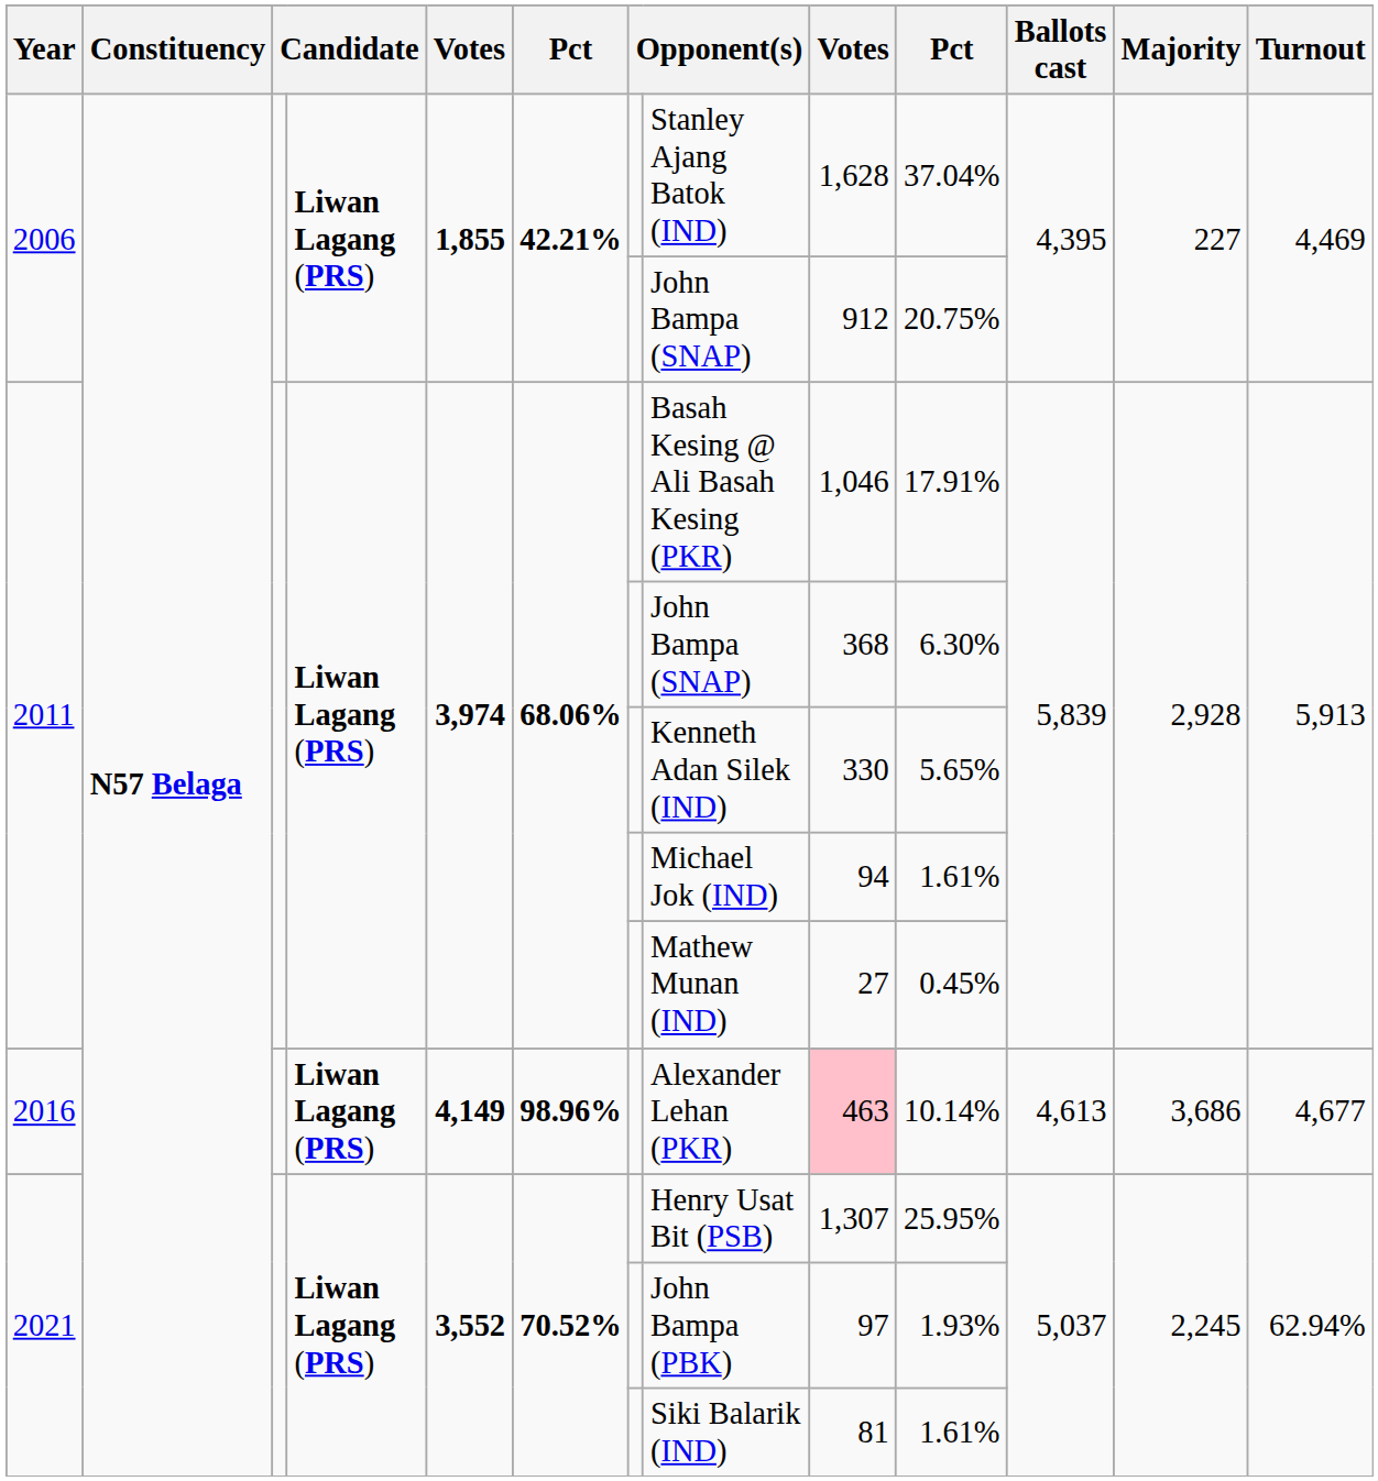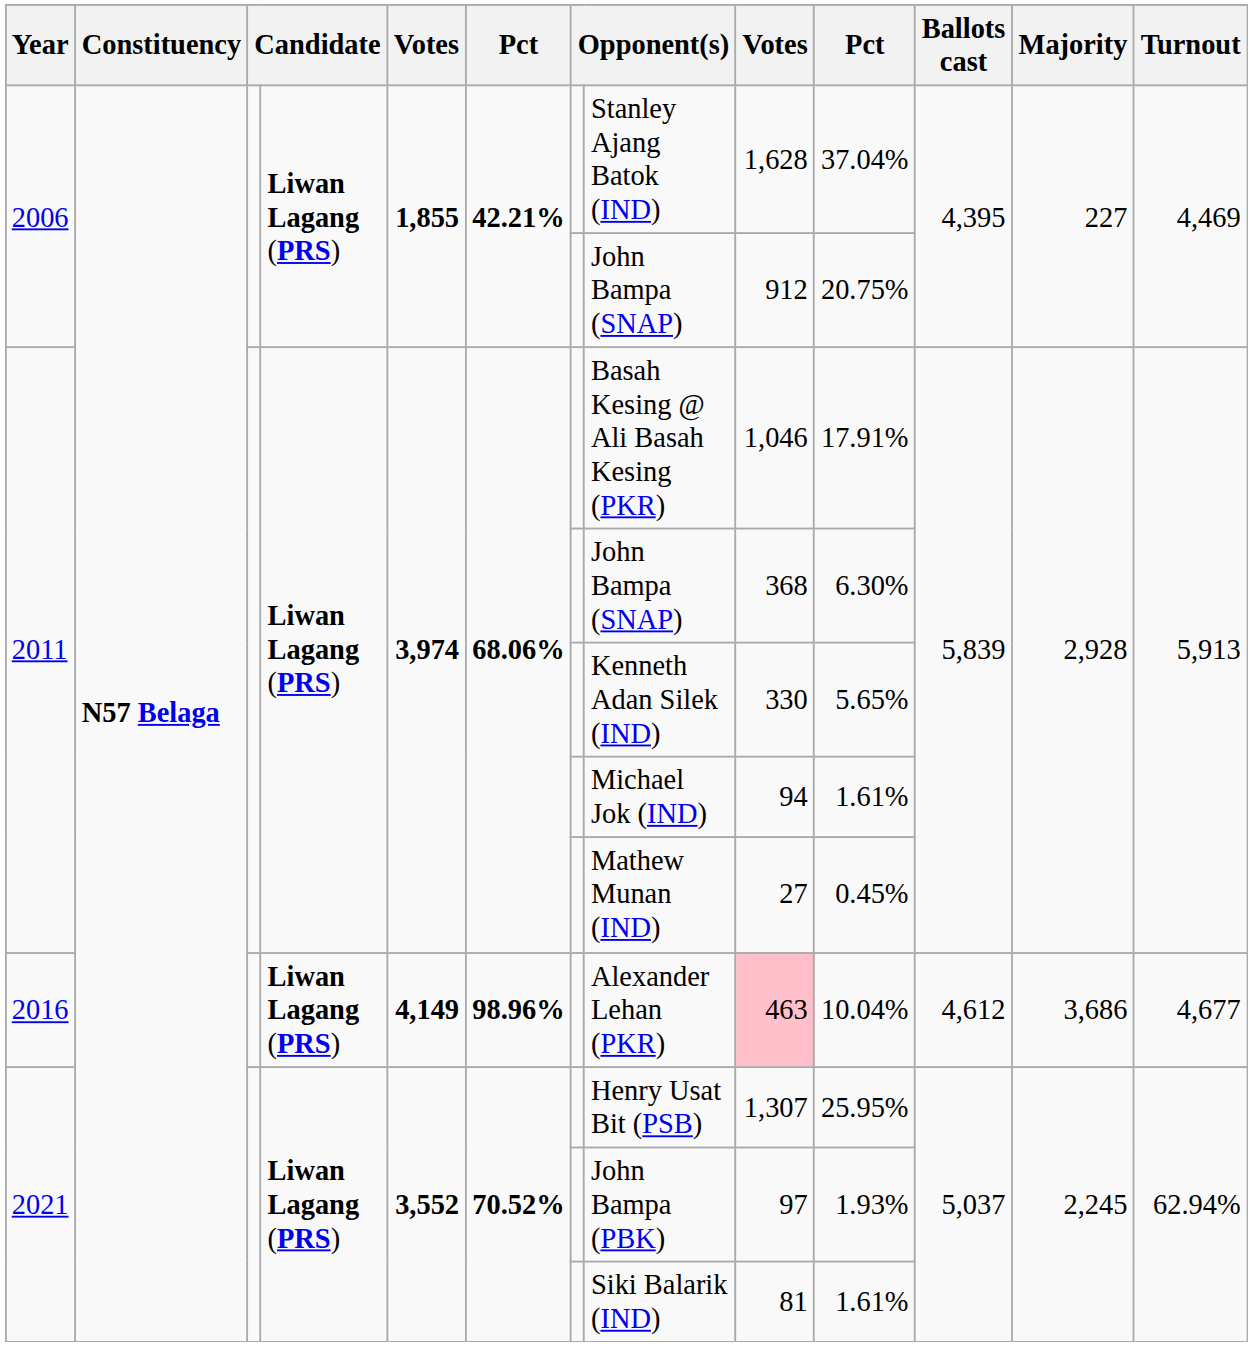 <table class="wikitable" style="margin:0.5em ; font-size:95%">
 <tr>
 <th>Year</th>
 <th>Constituency</th>
 <th colspan=2>Candidate</th>
 <th>Votes</th>
 <th>Pct</th>
 <th colspan=2>Opponent(s)</th>
 <th>Votes</th>
 <th>Pct</th>
 <th>Ballots cast</th>
 <th>Majority</th>
 <th>Turnout</th>
 </tr>
 <tr>
 <td rowspan="2"><a href='#'>2006</a></td>
 <td rowspan="11"><strong>N57 <a href='#'>Belaga</a></strong></td>
 <td rowspan="2" ></td>
 <td rowspan="2"><strong>Liwan Lagang</strong> (<a href='#'><strong>PRS</strong></a>)</td>
 <td style="text-align:right;" rowspan="2"><strong>1,855</strong></td>
 <td rowspan="2" style="text-align:right;"><strong>42.21%</strong></td>
 <td rowspan=1 ></td>
 <td>Stanley Ajang Batok (<a href='#'>IND</a>)</td>
 <td style="text-align:right;">1,628</td>
 <td style="text-align:right;">37.04%</td>
 <td style="text-align:right;" rowspan="2">4,395</td>
 <td style="text-align:right;" rowspan="2">227</td>
 <td style="text-align:right;" rowspan="2">4,469</td>
 </tr>
 <tr>
 <td rowspan=1 ></td>
 <td>John Bampa (<a href='#'>SNAP</a>)</td>
 <td style="text-align:right;">912</td>
 <td style="text-align:right;">20.75%</td>
 </tr>
 <tr>
 <td rowspan="5"><a href='#'>2011</a></td>
 <td rowspan="5" ></td>
 <td rowspan="5"><strong>Liwan Lagang</strong> (<a href='#'><strong>PRS</strong></a>)</td>
 <td style="text-align:right;" rowspan="5"><strong>3,974</strong></td>
 <td style="text-align:right;" rowspan="5"><strong>68.06%</strong></td>
 <td rowspan=1 ></td>
 <td>Basah Kesing @ Ali Basah Kesing (<a href='#'>PKR</a>)</td>
 <td style="text-align:right;">1,046</td>
 <td style="text-align:right;">17.91%</td>
 <td style="text-align:right;" rowspan="5">5,839</td>
 <td style="text-align:right;" rowspan="5">2,928</td>
 <td style="text-align:right;" rowspan="5">5,913</td>
 </tr>
 <tr>
 <td rowspan=1 ></td>
 <td>John Bampa (<a href='#'>SNAP</a>)</td>
 <td style="text-align:right;">368</td>
 <td style="text-align:right;">6.30%</td>
 </tr>
 <tr>
 <td rowspan=1 ></td>
 <td>Kenneth Adan Silek (<a href='#'>IND</a>)</td>
 <td style="text-align:right;">330</td>
 <td style="text-align:right;">5.65%</td>
 </tr>
 <tr>
 <td rowspan=1 ></td>
 <td>Michael Jok (<a href='#'>IND</a>)</td>
 <td style="text-align:right;">94</td>
 <td style="text-align:right;">1.61%</td>
 </tr>
 <tr>
 <td rowspan=1 ></td>
 <td>Mathew Munan (<a href='#'>IND</a>)</td>
 <td style="text-align:right;">27</td>
 <td style="text-align:right;">0.45%</td>
 </tr>
 <tr>
 <td><a href='#'>2016</a></td>
 <td></td>
 <td><strong>Liwan Lagang</strong> (<a href='#'><strong>PRS</strong></a>)</td>
 <td style="text-align:right;"><strong>4,149</strong></td>
 <td style="text-align:right;"><strong>98.96%</strong></td>
 <td rowspan=1 ></td>
 <td>Alexander Lehan (<a href='#'>PKR</a>)</td>
 <td style="background: pink; text-align:right;">463</td>
-<td style="text-align:right;">10.14%</td>
-<td style="text-align:right;">4,613</td>
+<td style="text-align:right;">10.04%</td>
+<td style="text-align:right;">4,612</td>
 <td style="text-align:right;">3,686</td>
 <td style="text-align:right;">4,677</td>
 </tr>
 <tr>
 <td rowspan="3"><a href='#'>2021</a></td>
 <td rowspan="3" ></td>
 <td rowspan="3"><strong>Liwan Lagang</strong> (<a href='#'><strong>PRS</strong></a>)</td>
 <td rowspan="3" style="text-align:right;"><strong>3,552</strong></td>
 <td rowspan="3" style="text-align:right;"><strong>70.52%</strong></td>
 <td></td>
 <td>Henry Usat Bit (<a href='#'>PSB</a>)</td>
 <td style="text-align:right;">1,307</td>
 <td style="text-align:right;">25.95%</td>
 <td rowspan="3" style="text-align:right;">5,037</td>
 <td rowspan="3" style="text-align:right;">2,245</td>
 <td rowspan="3" style="text-align:right;">62.94%</td>
 </tr>
 <tr>
 <td></td>
 <td>John Bampa (<a href='#'>PBK</a>)</td>
 <td style="text-align:right;">97</td>
 <td style="text-align:right;">1.93%</td>
 </tr>
 <tr>
 <td></td>
 <td>Siki Balarik (<a href='#'>IND</a>)</td>
 <td style="text-align:right;">81</td>
 <td style="text-align:right;">1.61%</td>
 </tr>
 <tr>
 </tr>
 </table>
